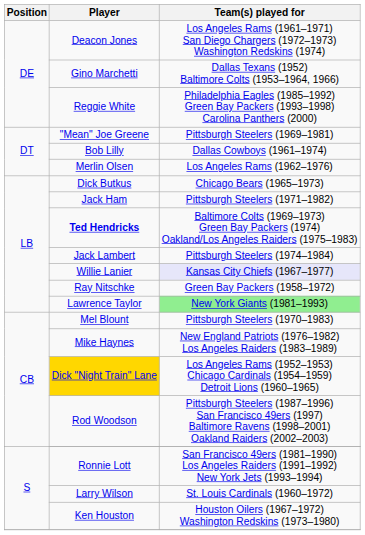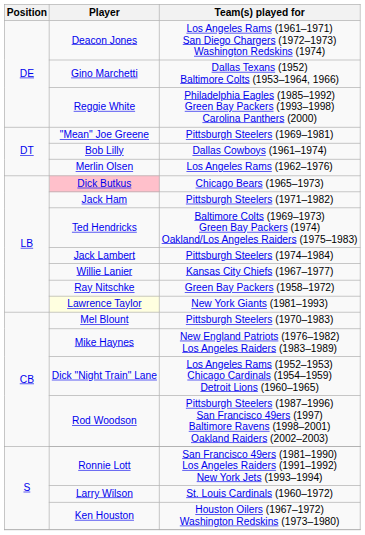 <table class="wikitable" style="text-align:center">
 <tr>
 <th>Position</th>
 <th>Player</th>
 <th>Team(s) played for</th>
 </tr>
 <tr>
 <td rowspan=3><a href='#'>DE</a></td>
 <td><a href='#'>Deacon Jones</a></td>
 <td><a href='#'>Los Angeles Rams</a> (1961–1971)<br><a href='#'>San Diego Chargers</a> (1972–1973)<br><a href='#'>Washington Redskins</a> (1974)</td>
 </tr>
 <tr>
 <td><a href='#'>Gino Marchetti</a></td>
 <td><a href='#'>Dallas Texans</a> (1952)<br><a href='#'>Baltimore Colts</a> (1953–1964, 1966)</td>
 </tr>
 <tr>
 <td><a href='#'>Reggie White</a></td>
 <td><a href='#'>Philadelphia Eagles</a> (1985–1992)<br><a href='#'>Green Bay Packers</a> (1993–1998)<br><a href='#'>Carolina Panthers</a> (2000)</td>
 </tr>
 <tr>
 <td rowspan=3><a href='#'>DT</a></td>
 <td><a href='#'>"Mean" Joe Greene</a></td>
 <td><a href='#'>Pittsburgh Steelers</a> (1969–1981)</td>
 </tr>
 <tr>
 <td><a href='#'>Bob Lilly</a></td>
 <td><a href='#'>Dallas Cowboys</a> (1961–1974)</td>
 </tr>
 <tr>
 <td><a href='#'>Merlin Olsen</a></td>
 <td><a href='#'>Los Angeles Rams</a> (1962–1976)</td>
 </tr>
 <tr>
 <td rowspan=7><a href='#'>LB</a></td>
-<td><a href='#'>Dick Butkus</a></td>
+<td style="background: pink;"><a href='#'>Dick Butkus</a></td>
 <td><a href='#'>Chicago Bears</a> (1965–1973)</td>
 </tr>
 <tr>
 <td><a href='#'>Jack Ham</a></td>
 <td><a href='#'>Pittsburgh Steelers</a> (1971–1982)</td>
 </tr>
 <tr>
-<td><strong><a href='#'>Ted Hendricks</a></strong></td>
+<td><a href='#'>Ted Hendricks</a></td>
 <td><a href='#'>Baltimore Colts</a> (1969–1973)<br><a href='#'>Green Bay Packers</a> (1974)<br><a href='#'>Oakland/Los Angeles Raiders</a> (1975–1983)</td>
 </tr>
 <tr>
 <td><a href='#'>Jack Lambert</a></td>
 <td><a href='#'>Pittsburgh Steelers</a> (1974–1984)</td>
 </tr>
 <tr>
 <td><a href='#'>Willie Lanier</a></td>
-<td style="background: lavender;"><a href='#'>Kansas City Chiefs</a> (1967–1977)</td>
+<td><a href='#'>Kansas City Chiefs</a> (1967–1977)</td>
 </tr>
 <tr>
 <td><a href='#'>Ray Nitschke</a></td>
 <td><a href='#'>Green Bay Packers</a> (1958–1972)</td>
 </tr>
 <tr>
-<td><a href='#'>Lawrence Taylor</a></td>
-<td style="background: lightgreen;"><a href='#'>New York Giants</a> (1981–1993)</td>
+<td style="background: lightyellow;"><a href='#'>Lawrence Taylor</a></td>
+<td><a href='#'>New York Giants</a> (1981–1993)</td>
 </tr>
 <tr>
 <td rowspan=4><a href='#'>CB</a></td>
 <td><a href='#'>Mel Blount</a></td>
 <td><a href='#'>Pittsburgh Steelers</a> (1970–1983)</td>
 </tr>
 <tr>
 <td><a href='#'>Mike Haynes</a></td>
 <td><a href='#'>New England Patriots</a> (1976–1982)<br><a href='#'>Los Angeles Raiders</a> (1983–1989)</td>
 </tr>
 <tr>
-<td style="background: gold;"><a href='#'>Dick "Night Train" Lane</a></td>
+<td><a href='#'>Dick "Night Train" Lane</a></td>
 <td><a href='#'>Los Angeles Rams</a> (1952–1953)<br><a href='#'>Chicago Cardinals</a> (1954–1959)<br><a href='#'>Detroit Lions</a> (1960–1965)</td>
 </tr>
 <tr>
 <td><a href='#'>Rod Woodson</a></td>
 <td><a href='#'>Pittsburgh Steelers</a> (1987–1996)<br><a href='#'>San Francisco 49ers</a> (1997)<br><a href='#'>Baltimore Ravens</a> (1998–2001)<br><a href='#'>Oakland Raiders</a> (2002–2003)</td>
 </tr>
 <tr>
 <td rowspan=4><a href='#'>S</a></td>
 </tr>
 <tr>
 <td><a href='#'>Ronnie Lott</a></td>
 <td><a href='#'>San Francisco 49ers</a> (1981–1990)<br><a href='#'>Los Angeles Raiders</a> (1991–1992)<br><a href='#'>New York Jets</a> (1993–1994)</td>
 </tr>
 <tr>
 <td><a href='#'>Larry Wilson</a></td>
 <td><a href='#'>St. Louis Cardinals</a> (1960–1972)</td>
 </tr>
 <tr>
 <td><a href='#'>Ken Houston</a></td>
 <td><a href='#'>Houston Oilers</a> (1967–1972)<br><a href='#'>Washington Redskins</a> (1973–1980)</td>
 </tr>
 <tr>
 </tr>
 </table>
